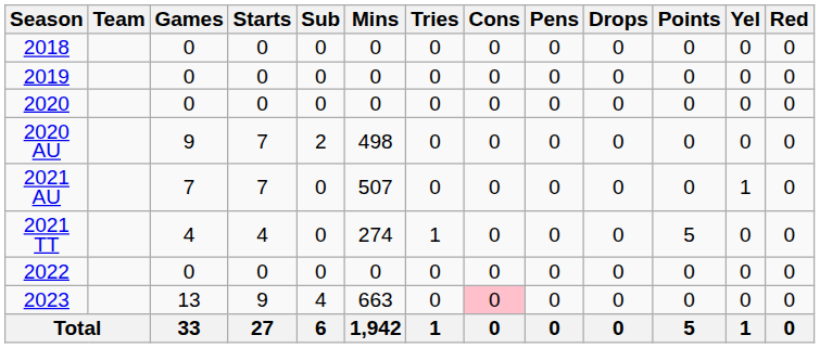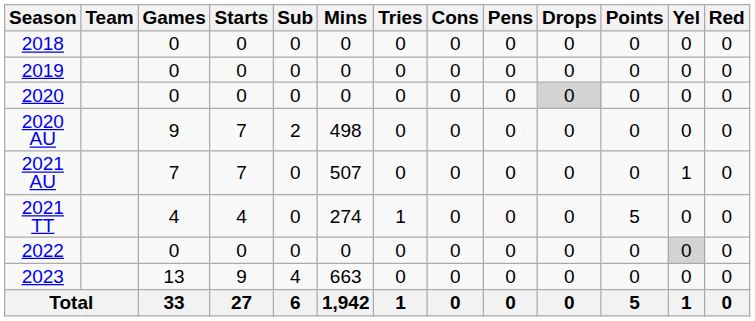 <table class="wikitable" style="text-align:center; line-height:90%; font-size:95%; width:60%;">
 <tr>
 <th>Season</th>
 <th>Team</th>
 <th>Games</th>
 <th>Starts</th>
 <th>Sub</th>
 <th>Mins</th>
 <th>Tries</th>
 <th>Cons</th>
 <th>Pens</th>
 <th>Drops</th>
 <th>Points</th>
 <th>Yel</th>
 <th>Red</th>
 </tr>
 <tr>
 <td><a href='#'>2018</a></td>
 <td></td>
 <td>0</td>
 <td>0</td>
 <td>0</td>
 <td>0</td>
 <td>0</td>
 <td>0</td>
 <td>0</td>
 <td>0</td>
 <td>0</td>
 <td>0</td>
 <td>0</td>
 </tr>
 <tr>
 <td><a href='#'>2019</a></td>
 <td></td>
 <td>0</td>
 <td>0</td>
 <td>0</td>
 <td>0</td>
 <td>0</td>
 <td>0</td>
 <td>0</td>
 <td>0</td>
 <td>0</td>
 <td>0</td>
 <td>0</td>
 </tr>
 <tr>
 <td><a href='#'>2020</a></td>
 <td></td>
 <td>0</td>
 <td>0</td>
 <td>0</td>
 <td>0</td>
 <td>0</td>
 <td>0</td>
 <td>0</td>
-<td>0</td>
+<td style="background: lightgrey;">0</td>
 <td>0</td>
 <td>0</td>
 <td>0</td>
 </tr>
 <tr>
 <td><a href='#'>2020 AU</a></td>
 <td></td>
 <td>9</td>
 <td>7</td>
 <td>2</td>
 <td>498</td>
 <td>0</td>
 <td>0</td>
 <td>0</td>
 <td>0</td>
 <td>0</td>
 <td>0</td>
 <td>0</td>
 </tr>
 <tr>
 <td><a href='#'>2021 AU</a></td>
 <td></td>
 <td>7</td>
 <td>7</td>
 <td>0</td>
 <td>507</td>
 <td>0</td>
 <td>0</td>
 <td>0</td>
 <td>0</td>
 <td>0</td>
 <td>1</td>
 <td>0</td>
 </tr>
 <tr>
 <td><a href='#'>2021 TT</a></td>
 <td></td>
 <td>4</td>
 <td>4</td>
 <td>0</td>
 <td>274</td>
 <td>1</td>
 <td>0</td>
 <td>0</td>
 <td>0</td>
 <td>5</td>
 <td>0</td>
 <td>0</td>
 </tr>
 <tr>
 <td><a href='#'>2022</a></td>
 <td></td>
 <td>0</td>
 <td>0</td>
 <td>0</td>
 <td>0</td>
 <td>0</td>
 <td>0</td>
 <td>0</td>
 <td>0</td>
 <td>0</td>
-<td>0</td>
+<td style="background: lightgrey;">0</td>
 <td>0</td>
 </tr>
 <tr>
 <td><a href='#'>2023</a></td>
 <td></td>
 <td>13</td>
 <td>9</td>
 <td>4</td>
 <td>663</td>
 <td>0</td>
-<td style="background: pink;">0</td>
+<td>0</td>
 <td>0</td>
 <td>0</td>
 <td>0</td>
 <td>0</td>
 <td>0</td>
 </tr>
 <tr>
 <th colspan="2">Total</th>
 <th>33</th>
 <th>27</th>
 <th>6</th>
 <th>1,942</th>
 <th>1</th>
 <th>0</th>
 <th>0</th>
 <th>0</th>
 <th>5</th>
 <th>1</th>
 <th>0</th>
 </tr>
 </table>
